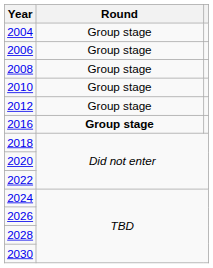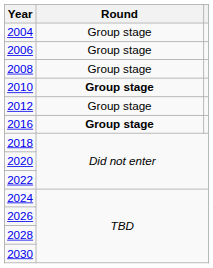 <table class="wikitable" style="text-align: center; font-size:90%">
 <tr>
 <th>Year</th>
 <th style="width:200px">Round</th>
 <th></th>
 </tr>
 <tr>
 <td><a href='#'>2004</a></td>
 <td>Group stage</td>
 <td></td>
 </tr>
 <tr>
 <td><a href='#'>2006</a></td>
 <td>Group stage</td>
 <td></td>
 </tr>
 <tr>
 <td><a href='#'>2008</a></td>
 <td>Group stage</td>
 <td></td>
 </tr>
 <tr>
 <td><a href='#'>2010</a></td>
-<td>Group stage</td>
+<td><strong>Group stage</strong></td>
 <td></td>
 </tr>
 <tr>
 <td><a href='#'>2012</a></td>
 <td>Group stage</td>
 <td></td>
 </tr>
 <tr>
 <td><a href='#'>2016</a></td>
 <td><strong>Group stage</strong></td>
 <td></td>
 </tr>
 <tr>
 <td><a href='#'>2018</a></td>
 <td colspan="2" rowspan="3"><em>Did not enter</em></td>
 </tr>
 <tr>
 <td><a href='#'>2020</a></td>
 </tr>
 <tr>
 <td><a href='#'>2022</a></td>
 </tr>
 <tr>
 <td><a href='#'>2024</a></td>
 <td colspan="2" rowspan="4"><em>TBD</em></td>
 </tr>
 <tr>
 <td><a href='#'>2026</a></td>
 </tr>
 <tr>
 <td><a href='#'>2028</a></td>
 </tr>
 <tr>
 <td><a href='#'>2030</a></td>
 </tr>
 </table>
